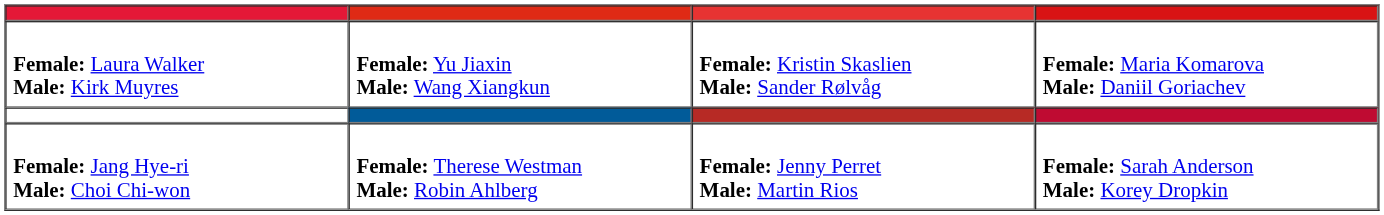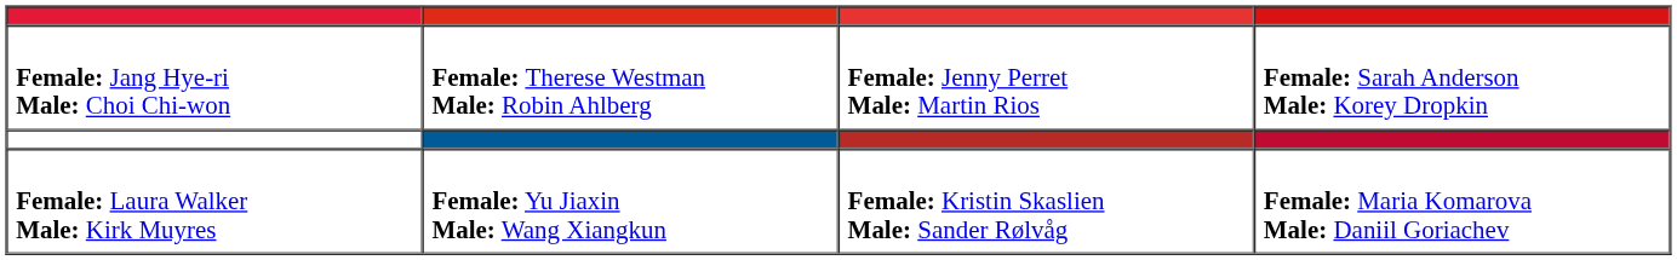 <table border=1 cellpadding=5 cellspacing=0>
 <tr>
 <th bgcolor="#e41837" width="250"></th>
 <th bgcolor="#df2a15" width="250"></th>
 <th bgcolor="#e73332" width="250"></th>
 <th bgcolor="#d91314" width="250"></th>
 </tr>
 <tr>
-<td><br><strong>Female:</strong> <a href='#'>Laura Walker</a><br> <strong>Male:</strong> <a href='#'>Kirk Muyres</a></td>
-<td><br><strong>Female:</strong> <a href='#'>Yu Jiaxin</a><br> <strong>Male:</strong> <a href='#'>Wang Xiangkun</a></td>
-<td><br><strong>Female:</strong> <a href='#'>Kristin Skaslien</a> <br> <strong>Male:</strong> <a href='#'>Sander Rølvåg</a></td>
-<td><br><strong>Female:</strong> <a href='#'>Maria Komarova</a><br> <strong>Male:</strong> <a href='#'>Daniil Goriachev</a></td>
+<td><br><strong>Female:</strong> <a href='#'>Jang Hye-ri</a><br> <strong>Male:</strong> <a href='#'>Choi Chi-won</a></td>
+<td><br><strong>Female:</strong> <a href='#'>Therese Westman</a><br> <strong>Male:</strong> <a href='#'>Robin Ahlberg</a></td>
+<td><br><strong>Female:</strong> <a href='#'>Jenny Perret</a><br> <strong>Male:</strong> <a href='#'>Martin Rios</a></td>
+<td><br><strong>Female:</strong> <a href='#'>Sarah Anderson</a><br> <strong>Male:</strong> <a href='#'>Korey Dropkin</a></td>
 </tr>
 <tr>
 <th bgcolor="#ffffff" width="250"></th>
 <th bgcolor="#015b99" width="250"></th>
 <th bgcolor="#b72a25" width="250"></th>
 <th bgcolor="#bf0b32" width="250"></th>
 </tr>
 <tr>
-<td><br><strong>Female:</strong> <a href='#'>Jang Hye-ri</a><br> <strong>Male:</strong> <a href='#'>Choi Chi-won</a></td>
-<td><br><strong>Female:</strong> <a href='#'>Therese Westman</a><br> <strong>Male:</strong> <a href='#'>Robin Ahlberg</a></td>
-<td><br><strong>Female:</strong> <a href='#'>Jenny Perret</a><br> <strong>Male:</strong> <a href='#'>Martin Rios</a></td>
-<td><br><strong>Female:</strong> <a href='#'>Sarah Anderson</a><br> <strong>Male:</strong> <a href='#'>Korey Dropkin</a></td>
+<td><br><strong>Female:</strong> <a href='#'>Laura Walker</a><br> <strong>Male:</strong> <a href='#'>Kirk Muyres</a></td>
+<td><br><strong>Female:</strong> <a href='#'>Yu Jiaxin</a><br> <strong>Male:</strong> <a href='#'>Wang Xiangkun</a></td>
+<td><br><strong>Female:</strong> <a href='#'>Kristin Skaslien</a> <br> <strong>Male:</strong> <a href='#'>Sander Rølvåg</a></td>
+<td><br><strong>Female:</strong> <a href='#'>Maria Komarova</a><br> <strong>Male:</strong> <a href='#'>Daniil Goriachev</a></td>
 </tr>
 </table>
